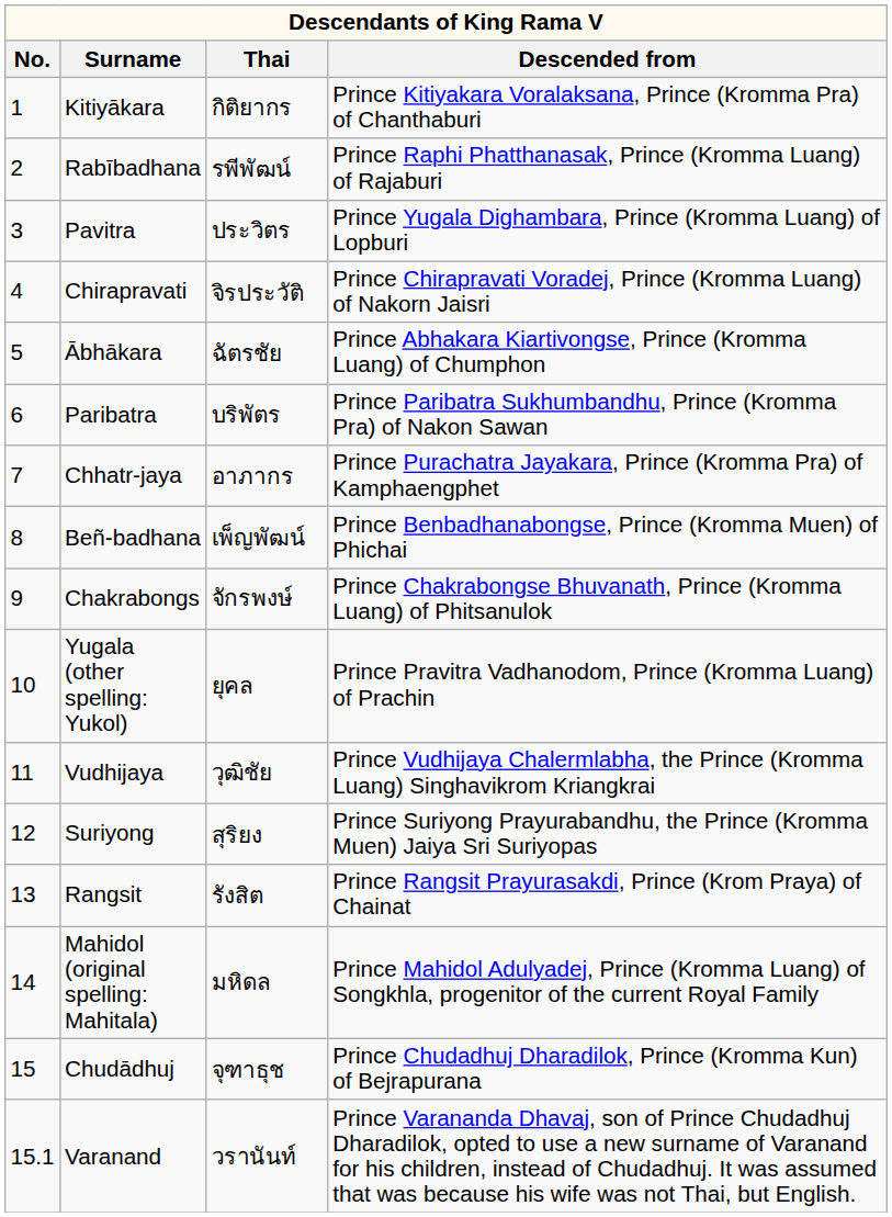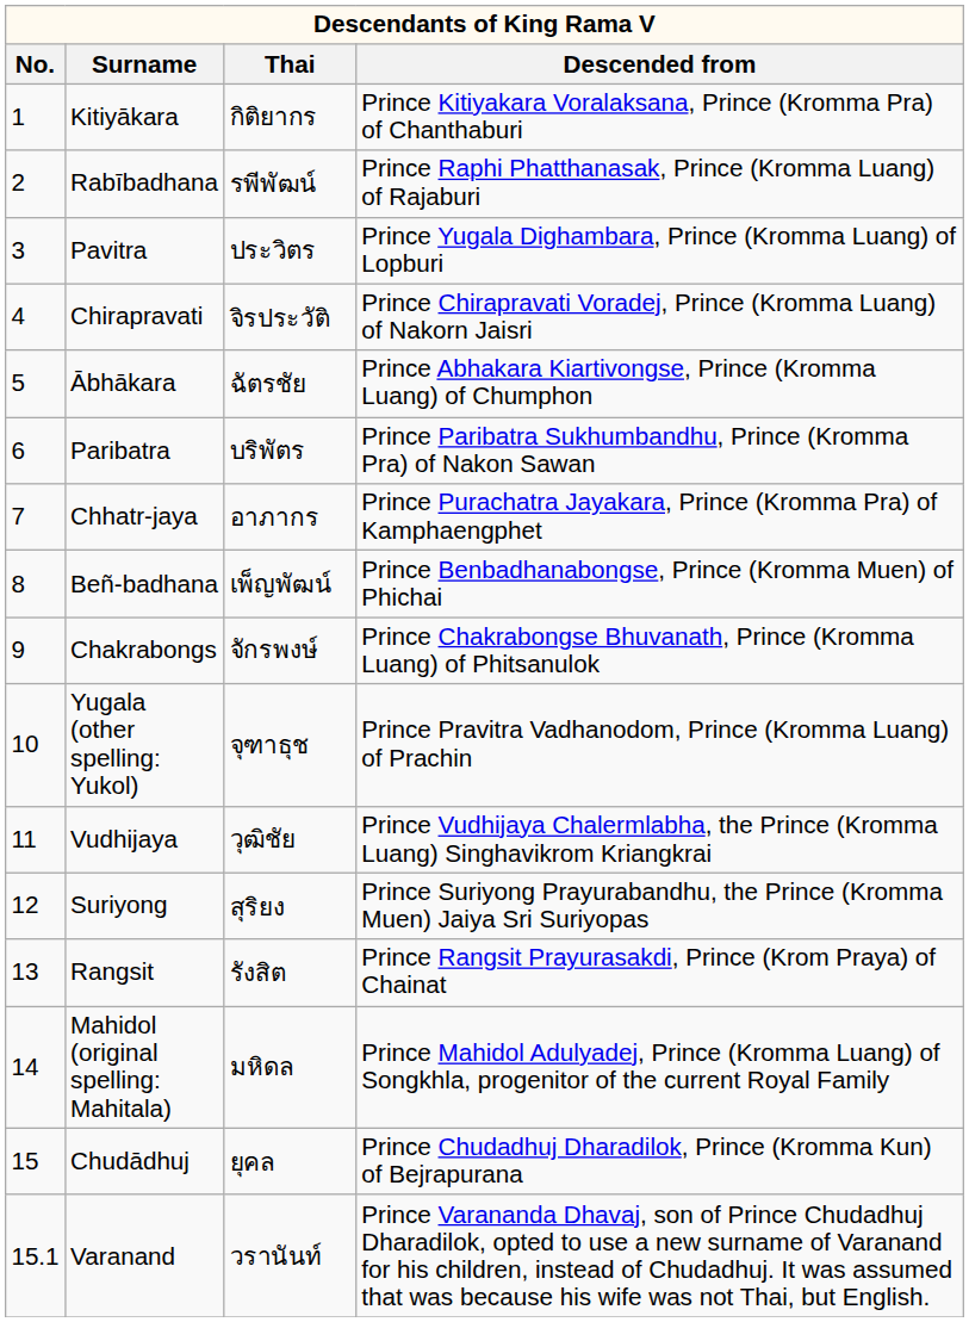 <table class="wikitable collapsible collapsed" style="width:100%;">
 <tr>
 <th style="align: center; background: #fffaf0;" colspan="4"><strong>Descendants of King Rama V</strong></th>
 </tr>
 <tr>
 <th style="width:4%;">No.</th>
 <th style="width:16%;">Surname</th>
 <th style="width:14%;">Thai</th>
 <th style="width:66%;">Descended from</th>
 </tr>
 <tr>
 <td>1</td>
 <td>Kitiyākara</td>
 <td>กิติยากร</td>
 <td>Prince <a href='#'>Kitiyakara Voralaksana</a>, Prince (Kromma Pra) of Chanthaburi</td>
 </tr>
 <tr>
 <td>2</td>
 <td>Rabībadhana</td>
 <td>รพีพัฒน์</td>
 <td>Prince <a href='#'>Raphi Phatthanasak</a>, Prince (Kromma Luang) of Rajaburi</td>
 </tr>
 <tr>
 <td>3</td>
 <td>Pavitra</td>
 <td>ประวิตร</td>
 <td>Prince <a href='#'>Yugala Dighambara</a>, Prince (Kromma Luang) of Lopburi</td>
 </tr>
 <tr>
 <td>4</td>
 <td>Chirapravati</td>
 <td>จิรประวัติ</td>
 <td>Prince <a href='#'>Chirapravati Voradej</a>, Prince (Kromma Luang) of Nakorn Jaisri</td>
 </tr>
 <tr>
 <td>5</td>
 <td>Ābhākara</td>
 <td>ฉัตรชัย</td>
 <td>Prince <a href='#'>Abhakara Kiartivongse</a>, Prince (Kromma Luang) of Chumphon</td>
 </tr>
 <tr>
 <td>6</td>
 <td>Paribatra</td>
 <td>บริพัตร</td>
 <td>Prince <a href='#'>Paribatra Sukhumbandhu</a>, Prince (Kromma Pra) of Nakon Sawan</td>
 </tr>
 <tr>
 <td>7</td>
 <td>Chhatr-jaya</td>
 <td>อาภากร</td>
 <td>Prince <a href='#'>Purachatra Jayakara</a>, Prince (Kromma Pra) of Kamphaengphet</td>
 </tr>
 <tr>
 <td>8</td>
 <td>Beñ-badhana</td>
 <td>เพ็ญพัฒน์</td>
 <td>Prince <a href='#'>Benbadhanabongse</a>, Prince (Kromma Muen) of Phichai</td>
 </tr>
 <tr>
 <td>9</td>
 <td>Chakrabongs</td>
 <td>จักรพงษ์</td>
 <td>Prince <a href='#'>Chakrabongse Bhuvanath</a>, Prince (Kromma Luang) of Phitsanulok</td>
 </tr>
 <tr>
 <td>10</td>
 <td>Yugala <br>(other spelling: Yukol)</td>
-<td>ยุคล</td>
+<td>จุฑาธุช</td>
 <td>Prince Pravitra Vadhanodom, Prince (Kromma Luang) of Prachin</td>
 </tr>
 <tr>
 <td>11</td>
 <td>Vudhijaya</td>
 <td>วุฒิชัย</td>
 <td>Prince <a href='#'>Vudhijaya Chalermlabha</a>, the Prince (Kromma Luang) Singhavikrom Kriangkrai</td>
 </tr>
 <tr>
 <td>12</td>
 <td>Suriyong</td>
 <td>สุริยง</td>
 <td>Prince Suriyong Prayurabandhu, the Prince (Kromma Muen) Jaiya Sri Suriyopas</td>
 </tr>
 <tr>
 <td>13</td>
 <td>Rangsit</td>
 <td>รังสิต</td>
 <td>Prince <a href='#'>Rangsit Prayurasakdi</a>, Prince (Krom Praya) of Chainat</td>
 </tr>
 <tr>
 <td>14</td>
 <td>Mahidol<br>(original spelling: Mahitala)</td>
 <td>มหิดล</td>
 <td>Prince <a href='#'>Mahidol Adulyadej</a>, Prince (Kromma Luang) of Songkhla, progenitor of the current Royal Family</td>
 </tr>
 <tr>
 <td>15</td>
 <td>Chudādhuj</td>
-<td>จุฑาธุช</td>
+<td>ยุคล</td>
 <td>Prince <a href='#'>Chudadhuj Dharadilok</a>, Prince (Kromma Kun) of Bejrapurana</td>
 </tr>
 <tr>
 <td>15.1</td>
 <td>Varanand</td>
 <td>วรานันท์</td>
 <td>Prince <a href='#'>Varananda Dhavaj</a>, son of Prince Chudadhuj Dharadilok, opted to use a new surname of Varanand for his children, instead of Chudadhuj. It was assumed that was because his wife was not Thai, but English.</td>
 </tr>
 </table>
